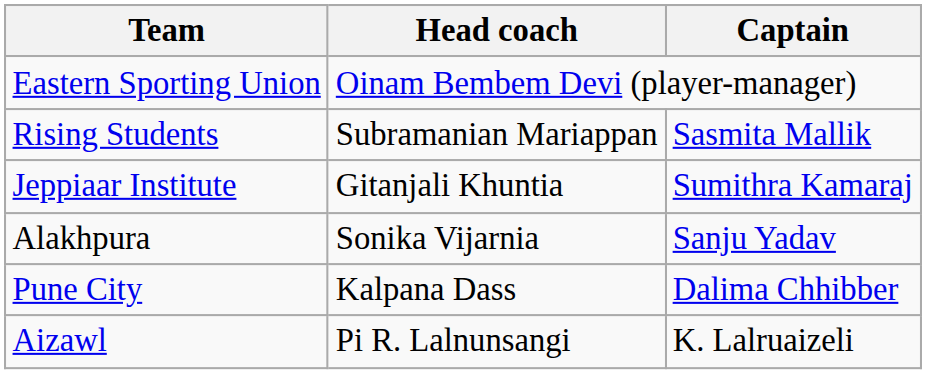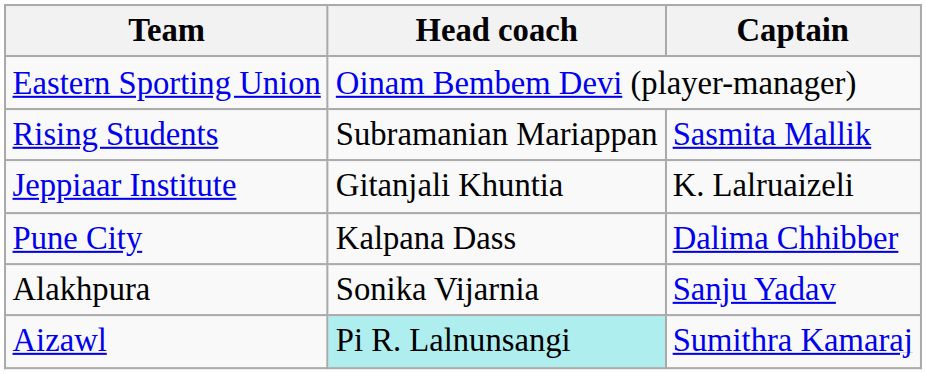 <table class="wikitable sortable" style="text-align: left">
 <tr>
 <th>Team</th>
 <th>Head coach</th>
 <th>Captain</th>
 </tr>
 <tr>
 <td><a href='#'>Eastern Sporting Union</a></td>
 <td colspan="2"> <a href='#'>Oinam Bembem Devi</a> (player-manager)</td>
 </tr>
 <tr>
 <td><a href='#'>Rising Students</a></td>
 <td> Subramanian Mariappan</td>
 <td> <a href='#'>Sasmita Mallik</a></td>
 </tr>
 <tr>
 <td><a href='#'>Jeppiaar Institute</a></td>
 <td> Gitanjali Khuntia</td>
-<td> <a href='#'>Sumithra Kamaraj</a></td>
+<td> K. Lalruaizeli</td>
+</tr>
+<tr>
+<td><a href='#'>Pune City</a></td>
+<td> Kalpana Dass</td>
+<td> <a href='#'>Dalima Chhibber</a></td>
 </tr>
 <tr>
 <td>Alakhpura</td>
 <td> Sonika Vijarnia</td>
 <td> <a href='#'>Sanju Yadav</a></td>
 </tr>
 <tr>
-<td><a href='#'>Pune City</a></td>
-<td> Kalpana Dass</td>
-<td> <a href='#'>Dalima Chhibber</a></td>
-</tr>
-<tr>
 <td><a href='#'>Aizawl</a></td>
-<td> Pi R. Lalnunsangi</td>
-<td> K. Lalruaizeli</td>
+<td style="background: paleturquoise;"> Pi R. Lalnunsangi</td>
+<td> <a href='#'>Sumithra Kamaraj</a></td>
 </tr>
 </table>
